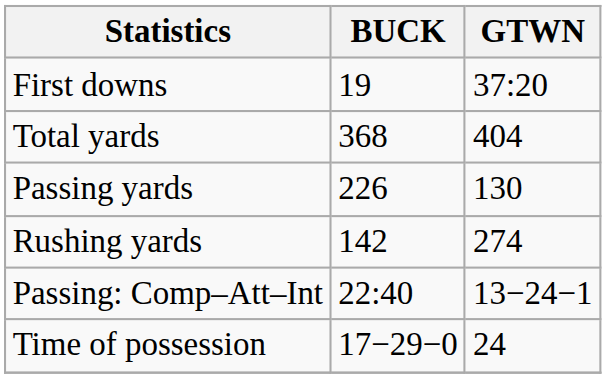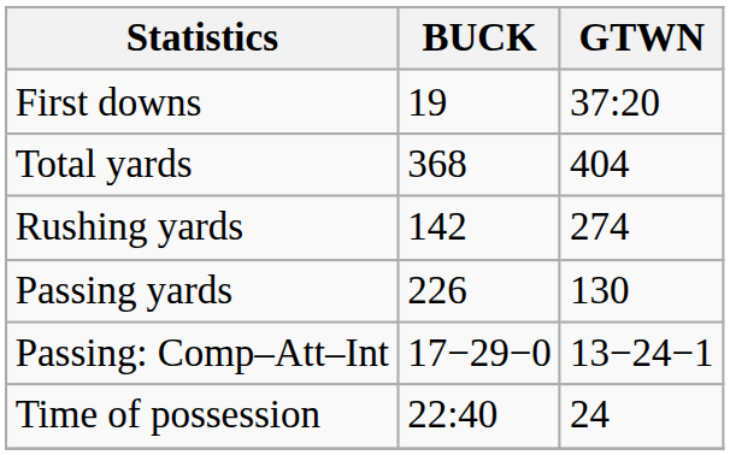 <table class="wikitable" style="float: left;">
 <tr>
 <th>Statistics</th>
 <th>BUCK</th>
 <th>GTWN</th>
 </tr>
 <tr>
 <td>First downs</td>
 <td>19</td>
 <td>37:20</td>
 </tr>
 <tr>
 <td>Total yards</td>
 <td>368</td>
 <td>404</td>
 </tr>
 <tr>
+<td>Rushing yards</td>
+<td>142</td>
+<td>274</td>
+</tr>
+<tr>
 <td>Passing yards</td>
 <td>226</td>
 <td>130</td>
 </tr>
 <tr>
-<td>Rushing yards</td>
-<td>142</td>
-<td>274</td>
-</tr>
-<tr>
 <td>Passing: Comp–Att–Int</td>
-<td>22:40</td>
+<td>17−29−0</td>
 <td>13−24−1</td>
 </tr>
 <tr>
 <td>Time of possession</td>
-<td>17−29−0</td>
+<td>22:40</td>
 <td>24</td>
 </tr>
 <tr>
 </tr>
 </table>
